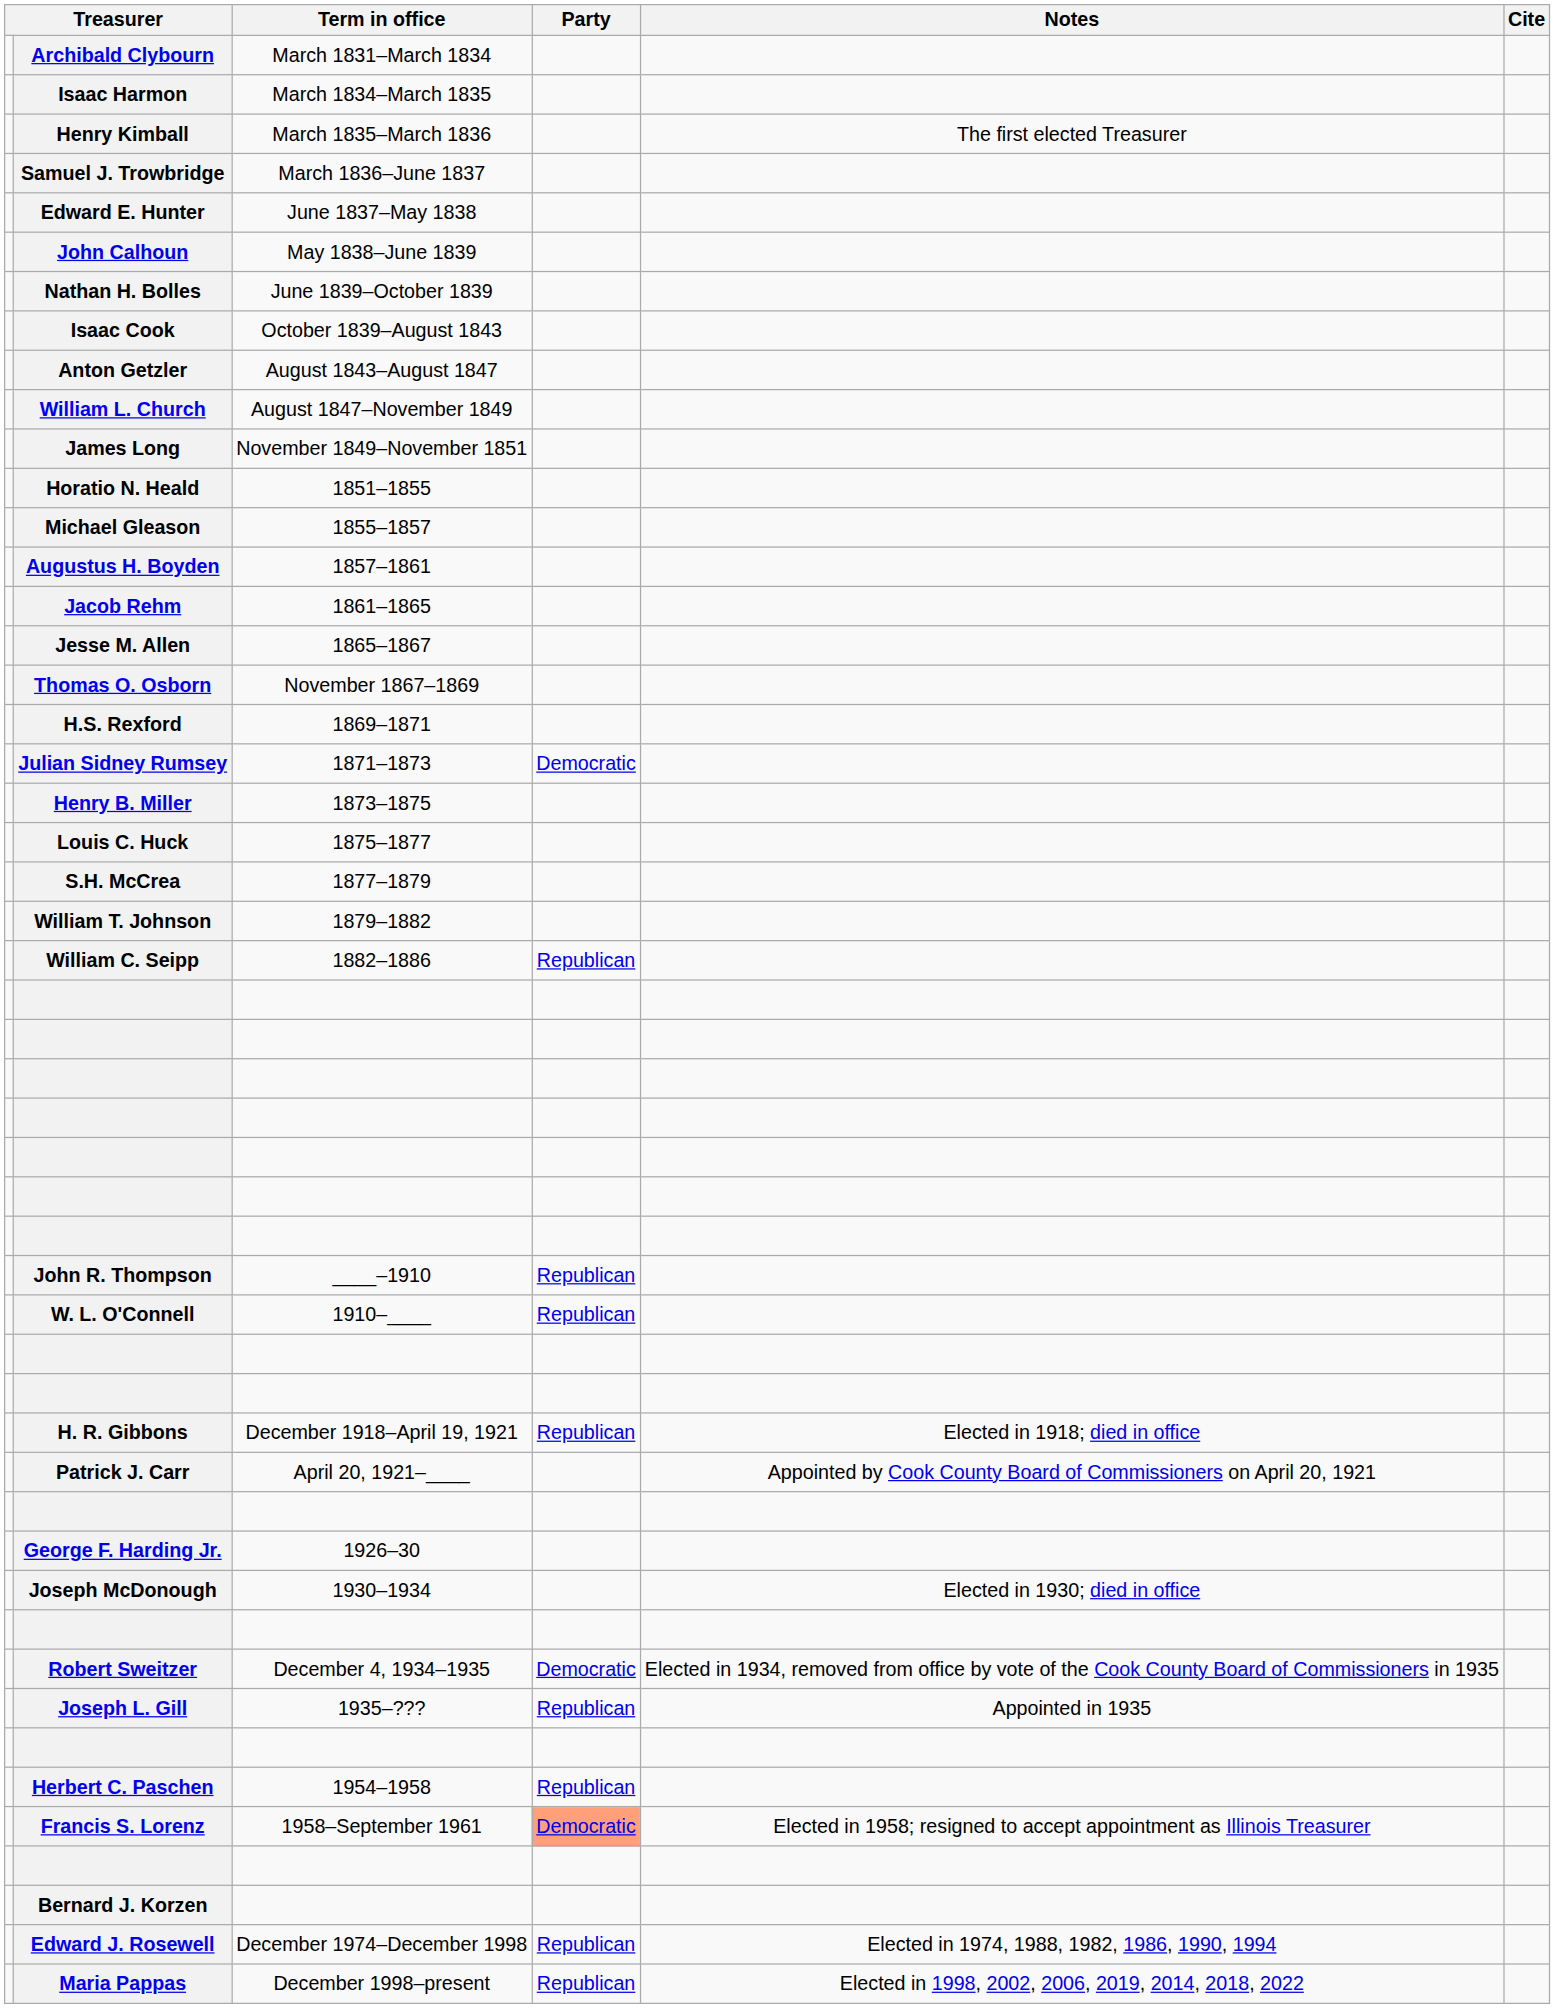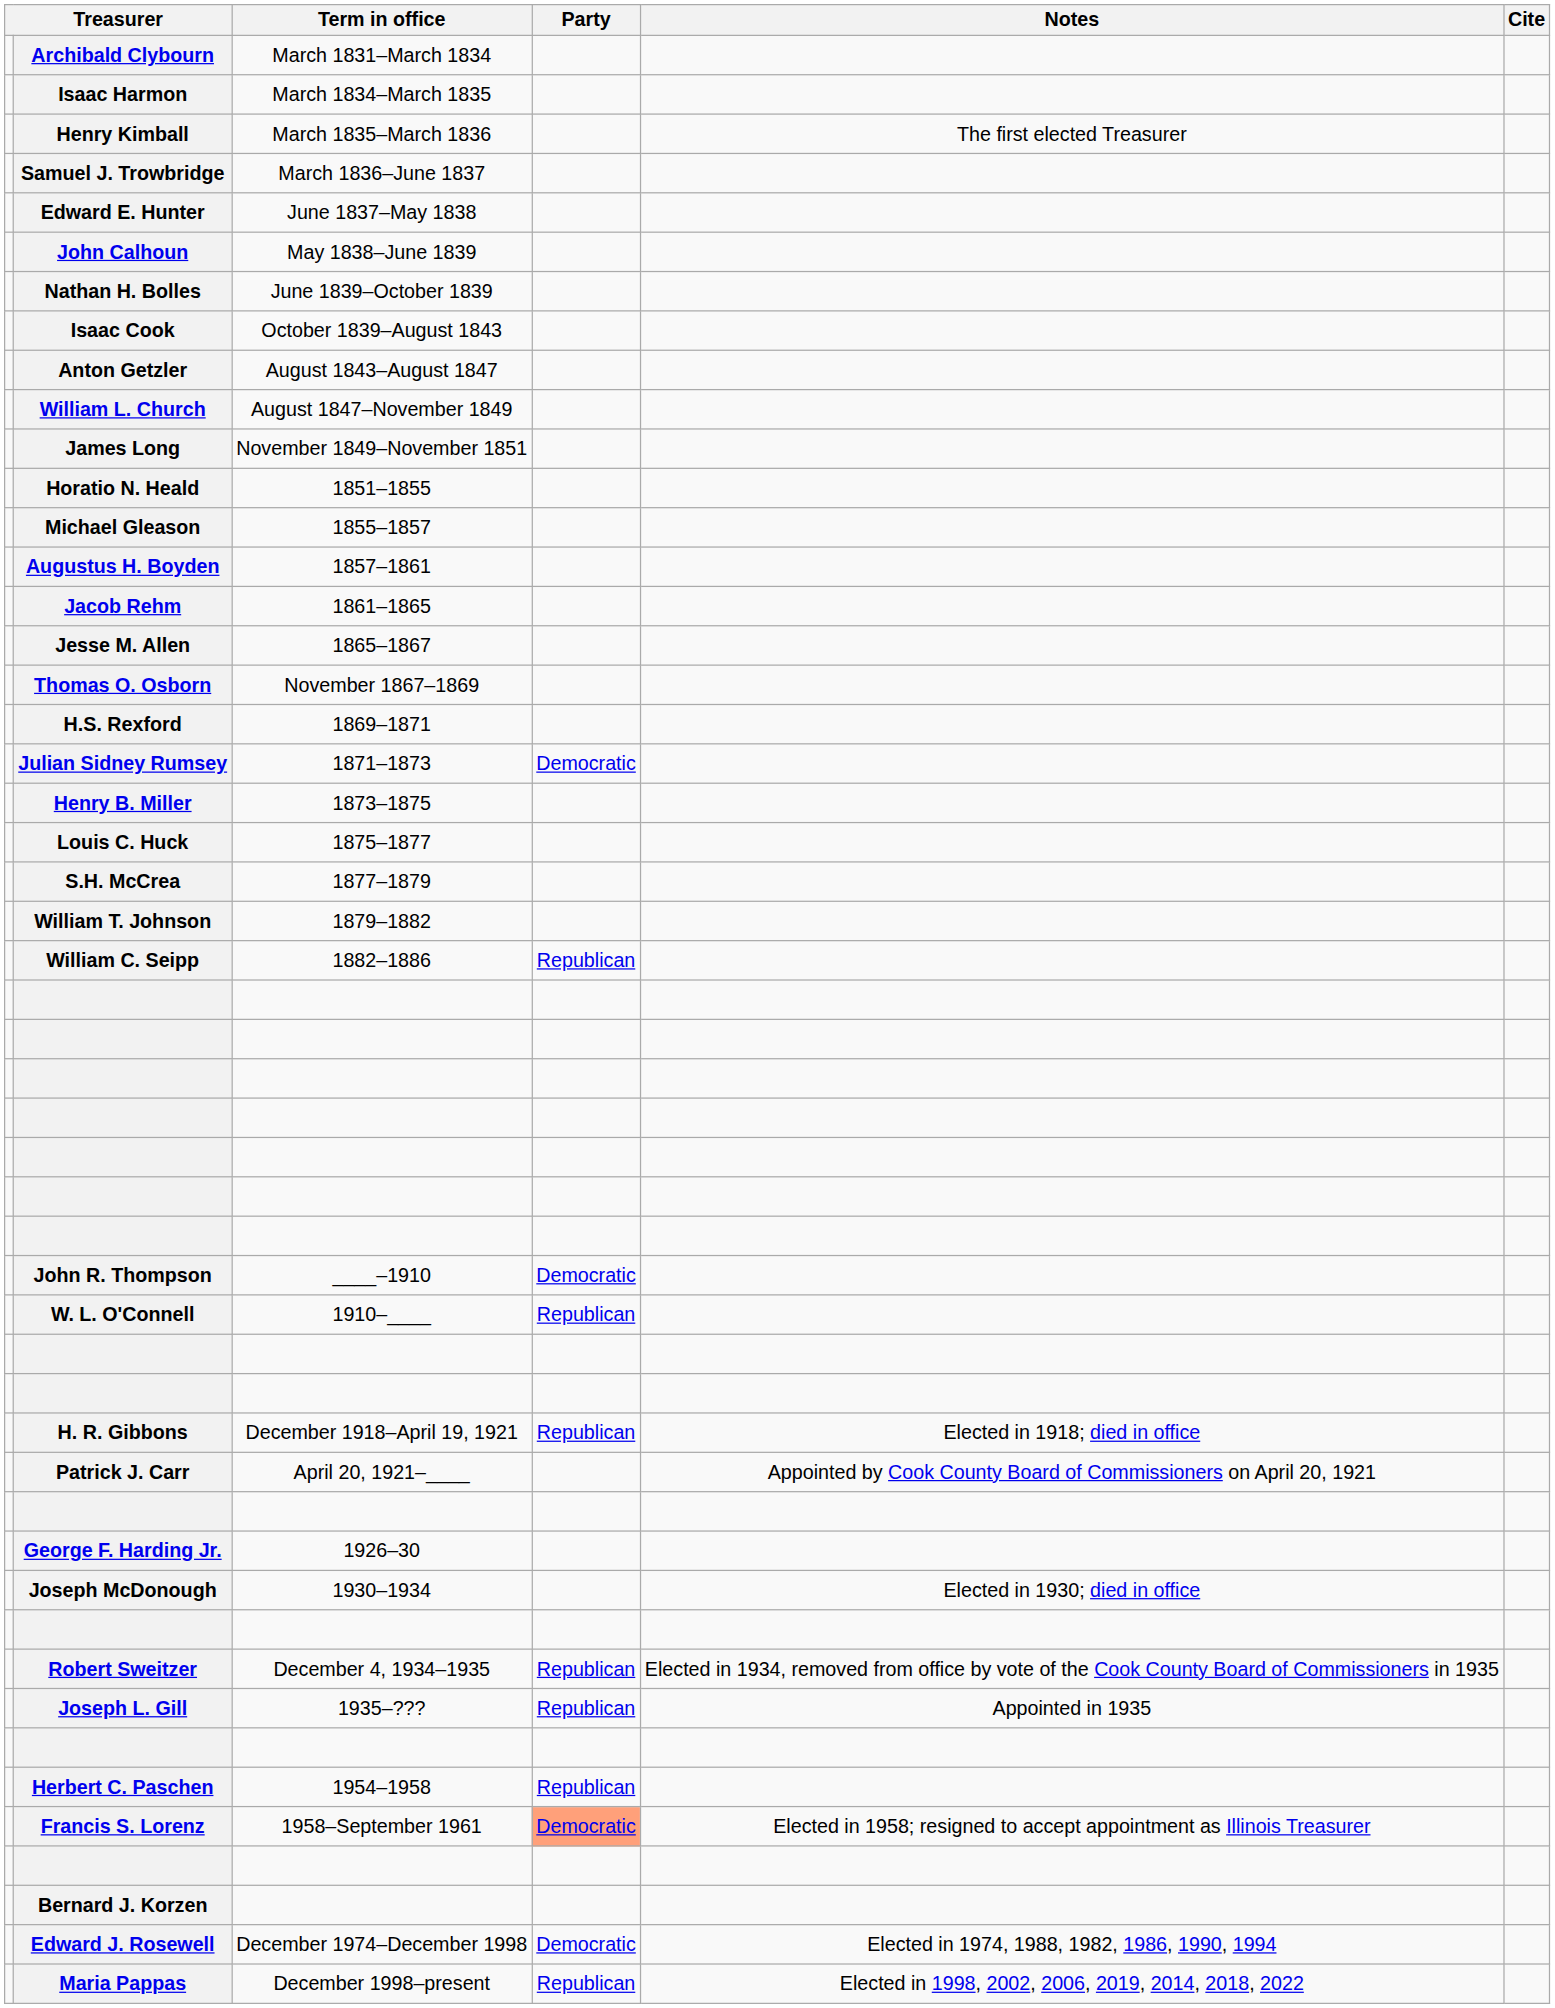 <table class="wikitable" style="text-align:center;">
 <tr>
 <th colspan="2">Treasurer</th>
 <th scope="col">Term in office</th>
 <th scope="col">Party</th>
 <th scope="col">Notes</th>
 <th scope="col">Cite</th>
 </tr>
 <tr style="height:2em;">
 <td></td>
 <th><a href='#'>Archibald Clybourn</a></th>
 <td>March 1831–March 1834</td>
 <td></td>
 <td></td>
 <td></td>
 </tr>
 <tr style="height:2em;">
 <td></td>
 <th>Isaac Harmon</th>
 <td>March 1834–March 1835</td>
 <td></td>
 <td></td>
 <td></td>
 </tr>
 <tr style="height:2em;">
 <td></td>
 <th>Henry Kimball</th>
 <td>March 1835–March 1836</td>
 <td></td>
 <td>The first elected Treasurer</td>
 <td></td>
 </tr>
 <tr style="height:2em;">
 <td></td>
 <th>Samuel J. Trowbridge</th>
 <td>March 1836–June 1837</td>
 <td></td>
 <td></td>
 <td></td>
 </tr>
 <tr style="height:2em;">
 <td></td>
 <th>Edward E. Hunter</th>
 <td>June 1837–May 1838</td>
 <td></td>
 <td></td>
 <td></td>
 </tr>
 <tr style="height:2em;">
 <td></td>
 <th><a href='#'>John Calhoun</a></th>
 <td>May 1838–June 1839</td>
 <td></td>
 <td></td>
 <td></td>
 </tr>
 <tr style="height:2em;">
 <td></td>
 <th>Nathan H. Bolles</th>
 <td>June 1839–October 1839</td>
 <td></td>
 <td></td>
 <td></td>
 </tr>
 <tr style="height:2em;">
 <td></td>
 <th>Isaac Cook</th>
 <td>October 1839–August 1843</td>
 <td></td>
 <td></td>
 <td></td>
 </tr>
 <tr style="height:2em;">
 <td></td>
 <th>Anton Getzler</th>
 <td>August 1843–August 1847</td>
 <td></td>
 <td></td>
 <td></td>
 </tr>
 <tr style="height:2em;">
 <td></td>
 <th><a href='#'>William L. Church</a></th>
 <td>August 1847–November 1849</td>
 <td></td>
 <td></td>
 <td></td>
 </tr>
 <tr style="height:2em;">
 <td></td>
 <th>James Long</th>
 <td>November 1849–November 1851</td>
 <td></td>
 <td></td>
 <td></td>
 </tr>
 <tr style="height:2em;">
 <td></td>
 <th>Horatio N. Heald</th>
 <td>1851–1855</td>
 <td></td>
 <td></td>
 <td></td>
 </tr>
 <tr style="height:2em;">
 <td></td>
 <th>Michael Gleason</th>
 <td>1855–1857</td>
 <td></td>
 <td></td>
 <td></td>
 </tr>
 <tr style="height:2em;">
 <td></td>
 <th><a href='#'>Augustus H. Boyden</a></th>
 <td>1857–1861</td>
 <td></td>
 <td></td>
 <td></td>
 </tr>
 <tr style="height:2em;">
 <td></td>
 <th><a href='#'>Jacob Rehm</a></th>
 <td>1861–1865</td>
 <td></td>
 <td></td>
 <td></td>
 </tr>
 <tr style="height:2em;">
 <td></td>
 <th>Jesse M. Allen</th>
 <td>1865–1867</td>
 <td></td>
 <td></td>
 <td></td>
 </tr>
 <tr style="height:2em;">
 <td></td>
 <th><a href='#'>Thomas O. Osborn</a></th>
 <td>November 1867–1869</td>
 <td></td>
 <td></td>
 <td></td>
 </tr>
 <tr style="height:2em;">
 <td></td>
 <th>H.S. Rexford</th>
 <td>1869–1871</td>
 <td></td>
 <td></td>
 <td></td>
 </tr>
 <tr style="height:2em;">
 <td></td>
 <th><a href='#'>Julian Sidney Rumsey</a></th>
 <td>1871–1873</td>
 <td><a href='#'>Democratic</a></td>
 <td></td>
 <td></td>
 </tr>
 <tr style="height:2em;">
 <td></td>
 <th><a href='#'>Henry B. Miller</a></th>
 <td>1873–1875</td>
 <td></td>
 <td></td>
 <td></td>
 </tr>
 <tr style="height:2em;">
 <td></td>
 <th>Louis C. Huck</th>
 <td>1875–1877</td>
 <td></td>
 <td></td>
 <td></td>
 </tr>
 <tr style="height:2em;">
 <td></td>
 <th>S.H. McCrea</th>
 <td>1877–1879</td>
 <td></td>
 <td></td>
 <td></td>
 </tr>
 <tr style="height:2em;">
 <td></td>
 <th>William T. Johnson</th>
 <td>1879–1882</td>
 <td></td>
 <td></td>
 <td></td>
 </tr>
 <tr style="height:2em;">
 <td></td>
 <th>William C. Seipp</th>
 <td>1882–1886</td>
 <td><a href='#'>Republican</a></td>
 <td></td>
 <td></td>
 </tr>
 <tr style="height:2em;">
 <td></td>
 <th></th>
 <td></td>
 <td></td>
 <td></td>
 <td></td>
 </tr>
 <tr style="height:2em;">
 <td></td>
 <th></th>
 <td></td>
 <td></td>
 <td></td>
 <td></td>
 </tr>
 <tr style="height:2em;">
 <td></td>
 <th></th>
 <td></td>
 <td></td>
 <td></td>
 <td></td>
 </tr>
 <tr style="height:2em;">
 <td></td>
 <th></th>
 <td></td>
 <td></td>
 <td></td>
 <td></td>
 </tr>
 <tr style="height:2em;">
 <td></td>
 <th></th>
 <td></td>
 <td></td>
 <td></td>
 <td></td>
 </tr>
 <tr style="height:2em;">
 <td></td>
 <th></th>
 <td></td>
 <td></td>
 <td></td>
 <td></td>
 </tr>
 <tr style="height:2em;">
 <td></td>
 <th></th>
 <td></td>
 <td></td>
 <td></td>
 <td></td>
 </tr>
 <tr style="height:2em;">
 <td></td>
 <th>John R. Thompson</th>
 <td>____–1910</td>
-<td><a href='#'>Republican</a></td>
+<td><a href='#'>Democratic</a></td>
 <td></td>
 <td></td>
 </tr>
 <tr style="height:2em;">
 <td></td>
 <th>W. L. O'Connell</th>
 <td>1910–____</td>
 <td><a href='#'>Republican</a></td>
 <td></td>
 <td></td>
 </tr>
 <tr style="height:2em;">
 <td></td>
 <th></th>
 <td></td>
 <td></td>
 <td></td>
 <td></td>
 </tr>
 <tr style="height:2em;">
 <td></td>
 <th></th>
 <td></td>
 <td></td>
 <td></td>
 <td></td>
 </tr>
 <tr style="height:2em;">
 <td></td>
 <th>H. R. Gibbons</th>
 <td>December 1918–April 19, 1921</td>
 <td><a href='#'>Republican</a></td>
 <td>Elected in 1918; <a href='#'>died in office</a></td>
 <td></td>
 </tr>
 <tr style="height:2em;">
 <td></td>
 <th>Patrick J. Carr</th>
 <td>April 20, 1921–____</td>
 <td></td>
 <td>Appointed by <a href='#'>Cook County Board of Commissioners</a> on April 20, 1921</td>
 <td></td>
 </tr>
 <tr style="height:2em;">
 <td></td>
 <th></th>
 <td></td>
 <td></td>
 <td></td>
 <td></td>
 </tr>
 <tr style="height:2em;">
 <td></td>
 <th><a href='#'>George F. Harding Jr.</a></th>
 <td>1926–30</td>
 <td></td>
 <td></td>
 <td></td>
 </tr>
 <tr style="height:2em">
 <td></td>
 <th>Joseph McDonough</th>
 <td>1930–1934</td>
 <td></td>
 <td>Elected in 1930; <a href='#'>died in office</a></td>
 <td></td>
 </tr>
 <tr style="height:2em;">
 <td></td>
 <th></th>
 <td></td>
 <td></td>
 <td></td>
 <td></td>
 </tr>
 <tr style="height:2em;">
 <td></td>
 <th><a href='#'>Robert Sweitzer</a></th>
 <td>December 4, 1934–1935</td>
-<td><a href='#'>Democratic</a></td>
+<td><a href='#'>Republican</a></td>
 <td>Elected in 1934, removed from office by vote of the <a href='#'>Cook County Board of Commissioners</a> in 1935</td>
 <td></td>
 </tr>
 <tr style="height:2em;">
 <td></td>
 <th><a href='#'>Joseph L. Gill</a></th>
 <td>1935–???</td>
 <td><a href='#'>Republican</a></td>
 <td>Appointed in 1935</td>
 <td></td>
 </tr>
 <tr style="height:2em;">
 <td></td>
 <th></th>
 <td></td>
 <td></td>
 <td></td>
 <td></td>
 </tr>
 <tr style="height:2em;">
 <td></td>
 <th><a href='#'>Herbert C. Paschen</a></th>
 <td>1954–1958</td>
 <td><a href='#'>Republican</a></td>
 <td></td>
 <td></td>
 </tr>
 <tr style="height:2em;">
 <td></td>
 <th><a href='#'>Francis S. Lorenz</a></th>
 <td>1958–September 1961</td>
 <td style="background: lightsalmon;"><a href='#'>Democratic</a></td>
 <td>Elected in 1958; resigned to accept appointment as <a href='#'>Illinois Treasurer</a></td>
 <td></td>
 </tr>
 <tr style="height:2em;">
 <td></td>
 <th></th>
 <td></td>
 <td></td>
 <td></td>
 <td></td>
 </tr>
 <tr style="height:2em;">
 <td></td>
 <th>Bernard J. Korzen</th>
 <td></td>
 <td></td>
 <td></td>
 <td></td>
 </tr>
 <tr style="height:2em;">
 <td></td>
 <th scope="row"><a href='#'>Edward J. Rosewell</a></th>
 <td>December 1974–December 1998</td>
-<td><a href='#'>Republican</a></td>
+<td><a href='#'>Democratic</a></td>
 <td>Elected in 1974, 1988, 1982, <a href='#'>1986</a>, <a href='#'>1990</a>, <a href='#'>1994</a></td>
 <td></td>
 </tr>
 <tr style="height:2em;">
 <td></td>
 <th scope="row"><a href='#'>Maria Pappas</a></th>
 <td>December 1998–present</td>
 <td><a href='#'>Republican</a></td>
 <td>Elected in <a href='#'>1998</a>, <a href='#'>2002</a>, <a href='#'>2006</a>, <a href='#'>2019</a>, <a href='#'>2014</a>, <a href='#'>2018</a>, <a href='#'>2022</a></td>
 <td></td>
 </tr>
 </table>
